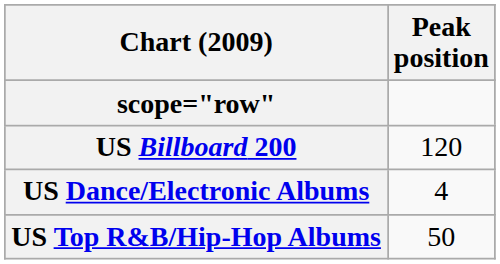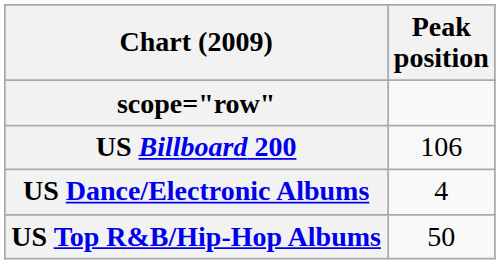 <table class="wikitable sortable plainrowheaders">
 <tr>
 <th scope="col">Chart (2009)</th>
 <th scope="col">Peak<br>position</th>
 </tr>
 <tr>
 <th>scope="row" </th>
 </tr>
 <tr>
 <th scope="row">US <a href='#'><em>Billboard</em> 200</a></th>
-<td align="center">120</td>
+<td align="center">106</td>
 </tr>
 <tr>
 <th scope="row">US <a href='#'>Dance/Electronic Albums</a></th>
 <td align="center">4</td>
 </tr>
 <tr>
 <th scope="row">US <a href='#'>Top R&B/Hip-Hop Albums</a></th>
 <td align="center">50</td>
 </tr>
 </table>
